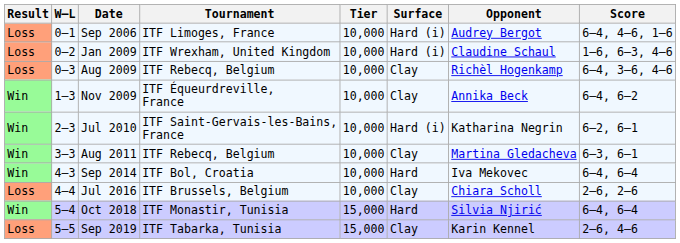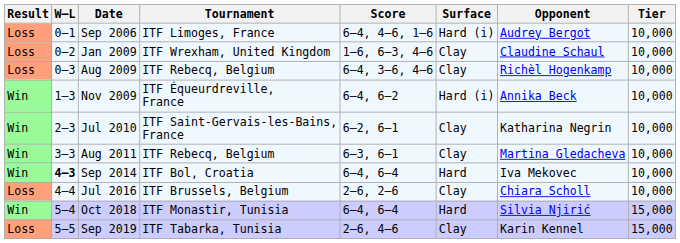 <table class="sortable wikitable">
 <tr>
 <th>Result</th>
 <th class="unsortable">W–L</th>
 <th>Date</th>
 <th>Tournament</th>
-<th>Tier</th>
+<th class="unsortable">Score</th>
 <th>Surface</th>
 <th>Opponent</th>
-<th class="unsortable">Score</th>
+<th>Tier</th>
 </tr>
 <tr style="background:#f0f8ff;">
 <td bgcolor="FFA07A">Loss</td>
 <td>0–1</td>
 <td>Sep 2006</td>
 <td>ITF Limoges, France</td>
-<td>10,000</td>
+<td>6–4, 4–6, 1–6</td>
 <td>Hard (i)</td>
 <td> <a href='#'>Audrey Bergot</a></td>
-<td>6–4, 4–6, 1–6</td>
+<td>10,000</td>
 </tr>
 <tr style="background:#f0f8ff;">
 <td bgcolor="FFA07A">Loss</td>
 <td>0–2</td>
 <td>Jan 2009</td>
 <td>ITF Wrexham, United Kingdom</td>
+<td>1–6, 6–3, 4–6</td>
+<td>Clay</td>
+<td> <a href='#'>Claudine Schaul</a></td>
 <td>10,000</td>
-<td>Hard (i)</td>
-<td> <a href='#'>Claudine Schaul</a></td>
-<td>1–6, 6–3, 4–6</td>
 </tr>
 <tr style="background:#f0f8ff;">
 <td bgcolor="FFA07A">Loss</td>
 <td>0–3</td>
 <td>Aug 2009</td>
 <td>ITF Rebecq, Belgium</td>
-<td>10,000</td>
+<td>6–4, 3–6, 4–6</td>
 <td>Clay</td>
 <td> <a href='#'>Richèl Hogenkamp</a></td>
-<td>6–4, 3–6, 4–6</td>
+<td>10,000</td>
 </tr>
 <tr style="background:#f0f8ff;">
 <td bgcolor="98FB98">Win</td>
 <td>1–3</td>
 <td>Nov 2009</td>
 <td>ITF Équeurdreville, <br> France</td>
+<td>6–4, 6–2</td>
+<td>Hard (i)</td>
+<td> <a href='#'>Annika Beck</a></td>
 <td>10,000</td>
-<td>Clay</td>
-<td> <a href='#'>Annika Beck</a></td>
-<td>6–4, 6–2</td>
 </tr>
 <tr style="background:#f0f8ff;">
 <td bgcolor="98FB98">Win</td>
 <td>2–3</td>
 <td>Jul 2010</td>
 <td>ITF Saint-Gervais-les-Bains, <br> France</td>
+<td>6–2, 6–1</td>
+<td>Clay</td>
+<td> Katharina Negrin</td>
 <td>10,000</td>
-<td>Hard (i)</td>
-<td> Katharina Negrin</td>
-<td>6–2, 6–1</td>
 </tr>
 <tr style="background:#f0f8ff;">
 <td bgcolor="98FB98">Win</td>
 <td>3–3</td>
 <td>Aug 2011</td>
 <td>ITF Rebecq, Belgium</td>
-<td>10,000</td>
+<td>6–3, 6–1</td>
 <td>Clay</td>
 <td> <a href='#'>Martina Gledacheva</a></td>
-<td>6–3, 6–1</td>
+<td>10,000</td>
 </tr>
 <tr style="background:#f0f8ff;">
 <td bgcolor="98FB98">Win</td>
-<td>4–3</td>
+<td><strong>4–3</strong></td>
 <td>Sep 2014</td>
 <td>ITF Bol, Croatia</td>
-<td>10,000</td>
+<td>6–4, 6–4</td>
 <td>Hard</td>
 <td> Iva Mekovec</td>
-<td>6–4, 6–4</td>
+<td>10,000</td>
 </tr>
 <tr style="background:#f0f8ff;">
 <td bgcolor="FFA07A">Loss</td>
 <td>4–4</td>
 <td>Jul 2016</td>
 <td>ITF Brussels, Belgium</td>
-<td>10,000</td>
+<td>2–6, 2–6</td>
 <td>Clay</td>
 <td> <a href='#'>Chiara Scholl</a></td>
-<td>2–6, 2–6</td>
+<td>10,000</td>
 </tr>
 <tr style="background:#ccccff;">
 <td bgcolor="98FB98">Win</td>
 <td>5–4</td>
 <td>Oct 2018</td>
 <td>ITF Monastir, Tunisia</td>
-<td>15,000</td>
+<td>6–4, 6–4</td>
 <td>Hard</td>
 <td> <a href='#'>Silvia Njirić</a></td>
-<td>6–4, 6–4</td>
+<td>15,000</td>
 </tr>
 <tr style="background:#ccccff;">
 <td bgcolor="FFA07A">Loss</td>
 <td>5–5</td>
 <td>Sep 2019</td>
 <td>ITF Tabarka, Tunisia</td>
-<td>15,000</td>
+<td>2–6, 4–6</td>
 <td>Clay</td>
 <td> Karin Kennel</td>
-<td>2–6, 4–6</td>
+<td>15,000</td>
 </tr>
 </table>
